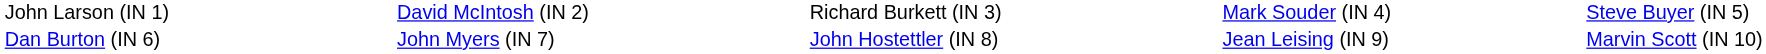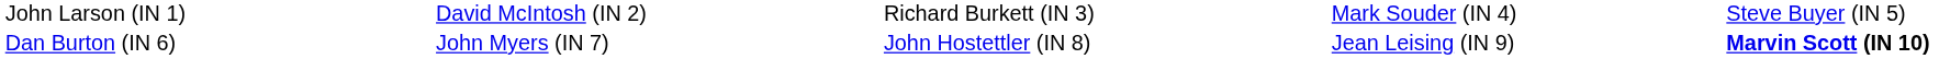 <table width="100%">
 <tr>
 <td width="20%">John Larson (IN 1)</td>
 <td Witch="20%"><a href='#'>David McIntosh</a> (IN 2)</td>
 <td Witch="20%">Richard Burkett (IN 3)</td>
 <td Witch="20%"><a href='#'>Mark Souder</a> (IN 4)</td>
 <td Witch="20%"><a href='#'>Steve Buyer</a> (IN 5)</td>
 </tr>
 <tr>
 <td><a href='#'>Dan Burton</a> (IN 6)</td>
 <td><a href='#'>John Myers</a> (IN 7)</td>
 <td><a href='#'>John Hostettler</a> (IN 8)</td>
 <td><a href='#'>Jean Leising</a> (IN 9)</td>
-<td><a href='#'>Marvin Scott</a> (IN 10)</td>
+<td><strong><a href='#'>Marvin Scott</a> (IN 10)</strong></td>
 </tr>
 </table>
